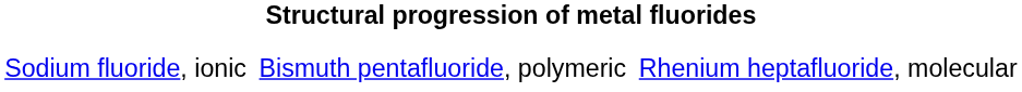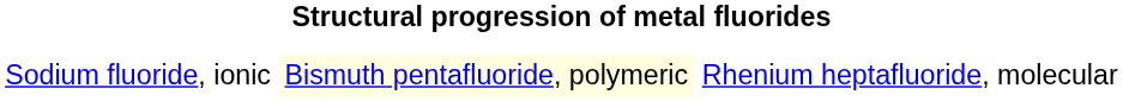 <table cellpadding="3" style="margin:1em auto 1em auto; text-align:center;">
 <tr>
 <td colspan="3" style="text-align:center;"><strong>Structural progression of metal fluorides</strong></td>
 </tr>
 <tr>
 <td></td>
 <td></td>
 <td></td>
 </tr>
 <tr style="text-align:center;">
 <td><a href='#'>Sodium fluoride</a>, ionic</td>
-<td><a href='#'>Bismuth pentafluoride</a>, polymeric</td>
+<td style="background: lightyellow;"><a href='#'>Bismuth pentafluoride</a>, polymeric</td>
 <td><a href='#'>Rhenium heptafluoride</a>, molecular</td>
 </tr>
 </table>
